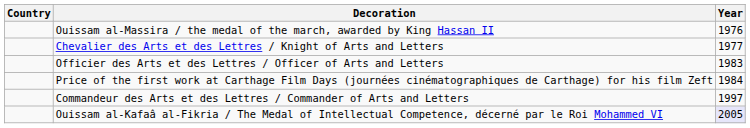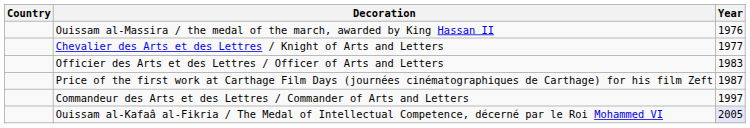 <table class="wikitable" border="1">
 <tr>
 <th>Country</th>
 <th>Decoration</th>
 <th>Year</th>
 </tr>
 <tr>
 <td></td>
 <td>Ouissam al-Massira / the medal of the march, awarded by King <a href='#'>Hassan II</a></td>
 <td align=center>1976</td>
 </tr>
 <tr>
 <td></td>
 <td><a href='#'>Chevalier des Arts et des Lettres</a> / Knight of Arts and Letters</td>
 <td align=center>1977</td>
 </tr>
 <tr>
 <td></td>
 <td>Officier des Arts et des Lettres / Officer of Arts and Letters</td>
 <td align=center>1983</td>
 </tr>
 <tr>
 <td></td>
 <td>Price of the first work at Carthage Film Days (journées cinématographiques de Carthage) for his film Zeft</td>
-<td align=center>1984</td>
+<td align=center>1987</td>
 </tr>
 <tr>
 <td></td>
 <td>Commandeur des Arts et des Lettres / Commander of Arts and Letters</td>
 <td align=center>1997</td>
 </tr>
 <tr>
 <td></td>
 <td>Ouissam al-Kafaâ al-Fikria / The Medal of Intellectual Competence, décerné par le Roi <a href='#'>Mohammed VI</a></td>
 <td align=center style="background: lavender;">2005</td>
 </tr>
 </table>
